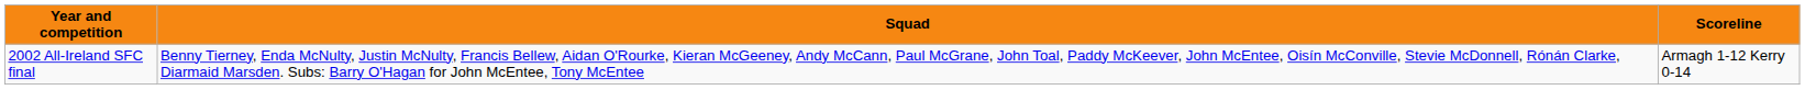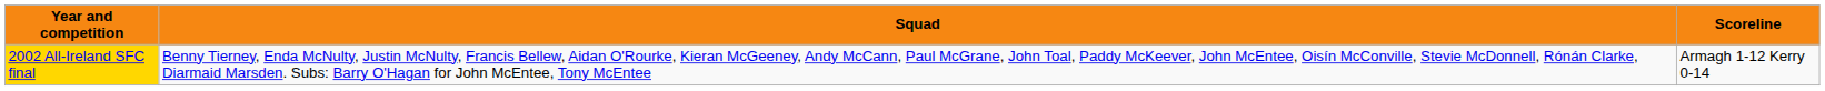 <table class="wikitable">
 <tr>
 <th style="background:#F68712">Year and competition</th>
 <th style="background:#F68712">Squad</th>
 <th style="background:#F68712">Scoreline</th>
 </tr>
 <tr>
-<td><a href='#'>2002 All-Ireland SFC final</a></td>
+<td style="background: gold;"><a href='#'>2002 All-Ireland SFC final</a></td>
 <td><a href='#'>Benny Tierney</a>, <a href='#'>Enda McNulty</a>, <a href='#'>Justin McNulty</a>, <a href='#'>Francis Bellew</a>, <a href='#'>Aidan O'Rourke</a>, <a href='#'>Kieran McGeeney</a>, <a href='#'>Andy McCann</a>, <a href='#'>Paul McGrane</a>, <a href='#'>John Toal</a>, <a href='#'>Paddy McKeever</a>, <a href='#'>John McEntee</a>, <a href='#'>Oisín McConville</a>, <a href='#'>Stevie McDonnell</a>, <a href='#'>Rónán Clarke</a>, <a href='#'>Diarmaid Marsden</a>. Subs: <a href='#'>Barry O'Hagan</a> for John McEntee, <a href='#'>Tony McEntee</a></td>
 <td>Armagh 1-12 Kerry 0-14</td>
 </tr>
 </table>
